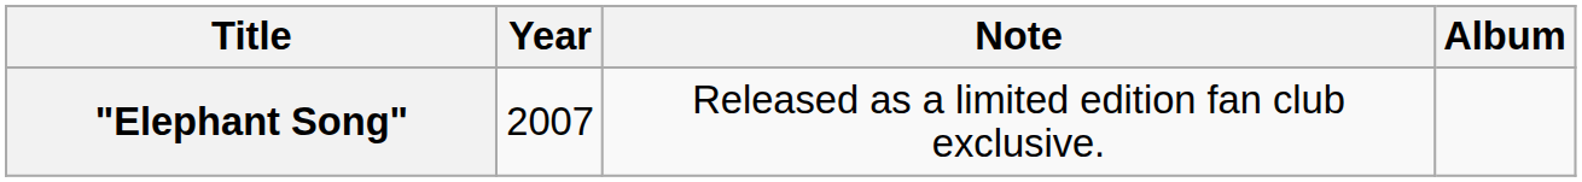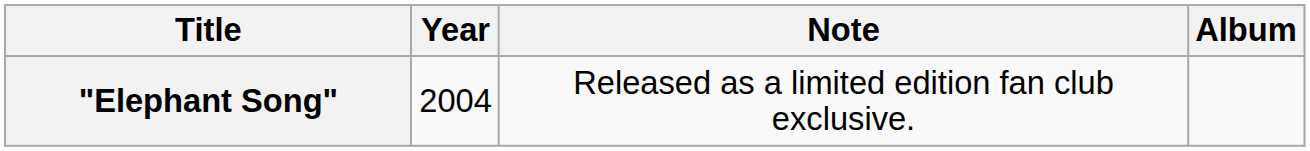 <table class="wikitable plainrowheaders" style="text-align:center;">
 <tr>
 <th style="width:12em;">Title</th>
 <th scope="col" rowspan="1">Year</th>
 <th style="width:330px;">Note</th>
 <th>Album</th>
 </tr>
 <tr>
 <th scope="row">"Elephant Song"</th>
-<td>2007</td>
+<td>2004</td>
 <td>Released as a limited edition fan club exclusive.</td>
 <td></td>
 </tr>
 </table>
